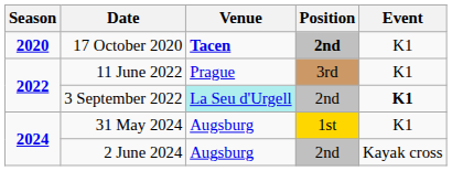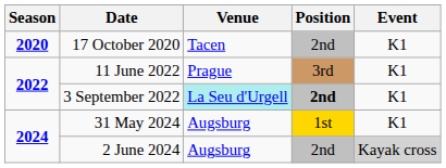 <table class="wikitable" style="text-align:center; font-size:95%;">
 <tr>
 <th>Season</th>
 <th>Date</th>
 <th>Venue</th>
 <th>Position</th>
 <th>Event</th>
 </tr>
 <tr>
 <td><strong><a href='#'>2020</a></strong></td>
 <td align=right>17 October 2020</td>
-<td align=left><strong><a href='#'>Tacen</a></strong></td>
-<td bgcolor=silver><strong>2nd</strong></td>
+<td align=left><a href='#'>Tacen</a></td>
+<td bgcolor=silver>2nd</td>
 <td>K1</td>
 </tr>
 <tr>
 <td rowspan=2><strong><a href='#'>2022</a></strong></td>
 <td align=right>11 June 2022</td>
 <td align=left><a href='#'>Prague</a></td>
 <td bgcolor=cc9966>3rd</td>
 <td>K1</td>
 </tr>
 <tr>
 <td align=right>3 September 2022</td>
 <td align=left style="background: paleturquoise;"><a href='#'>La Seu d'Urgell</a></td>
-<td bgcolor=silver>2nd</td>
-<td><strong>K1</strong></td>
+<td bgcolor=silver><strong>2nd</strong></td>
+<td>K1</td>
 </tr>
 <tr>
 <td rowspan=2><strong><a href='#'>2024</a></strong></td>
 <td align=right>31 May 2024</td>
 <td align=left><a href='#'>Augsburg</a></td>
 <td bgcolor=gold>1st</td>
 <td>K1</td>
 </tr>
 <tr>
 <td align=right>2 June 2024</td>
 <td align=left><a href='#'>Augsburg</a></td>
 <td bgcolor=silver>2nd</td>
-<td>Kayak cross</td>
+<td style="background: lightgrey;">Kayak cross</td>
 </tr>
 </table>
